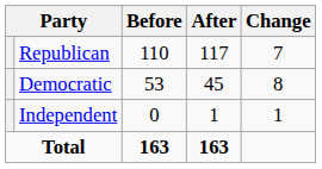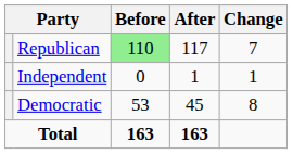 <table class="wikitable" style="text-align:center;">
 <tr>
 </tr>
 <tr>
 <th colspan=2>Party</th>
 <th>Before</th>
 <th>After</th>
 <th>Change</th>
 </tr>
 <tr>
 <th style="background-color:"></th>
 <td style="text-align:left;"><a href='#'>Republican</a></td>
-<td>110</td>
+<td style="background: lightgreen;">110</td>
 <td>117</td>
 <td> 7</td>
+</tr>
+<tr>
+<th style="background-color:"></th>
+<td style="text-align:left;"><a href='#'>Independent</a></td>
+<td>0</td>
+<td>1</td>
+<td> 1</td>
 </tr>
 <tr>
 <th style="background-color:"></th>
 <td style="text-align:left;"><a href='#'>Democratic</a></td>
 <td>53</td>
 <td>45</td>
 <td> 8</td>
 </tr>
 <tr>
-<th style="background-color:"></th>
-<td style="text-align:left;"><a href='#'>Independent</a></td>
-<td>0</td>
-<td>1</td>
-<td> 1</td>
-</tr>
-<tr>
 <td colspan=2><strong>Total</strong></td>
 <td><strong>163</strong></td>
 <td><strong>163</strong></td>
 <td></td>
 </tr>
 </table>
